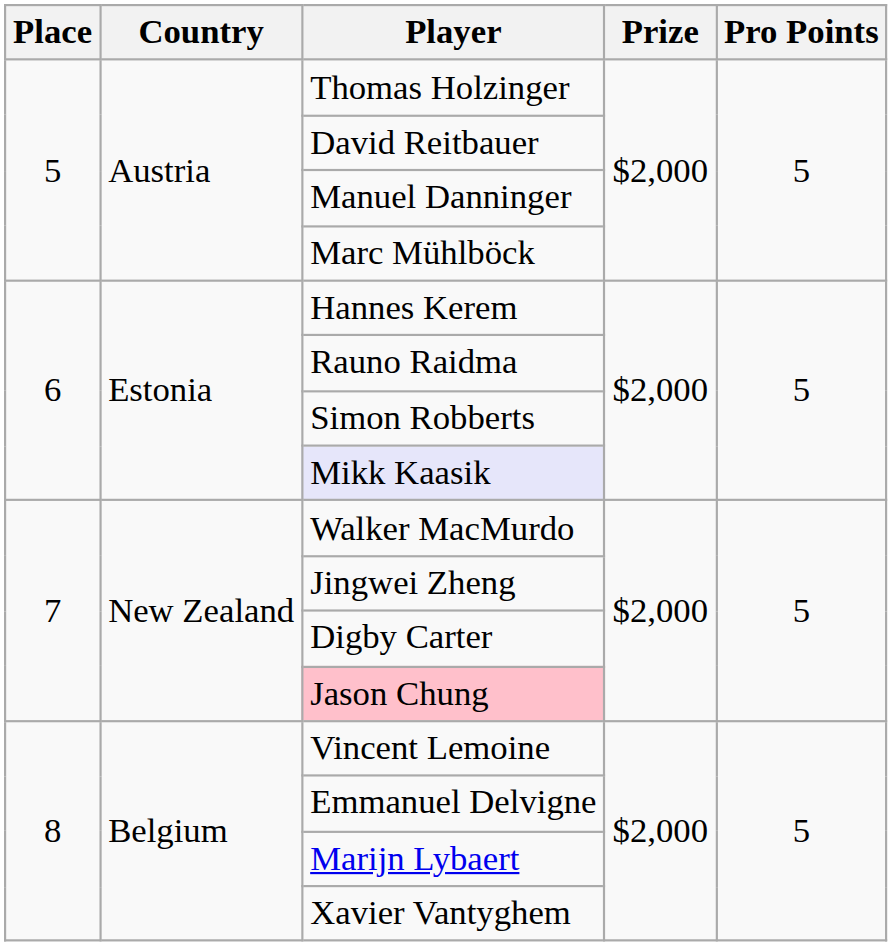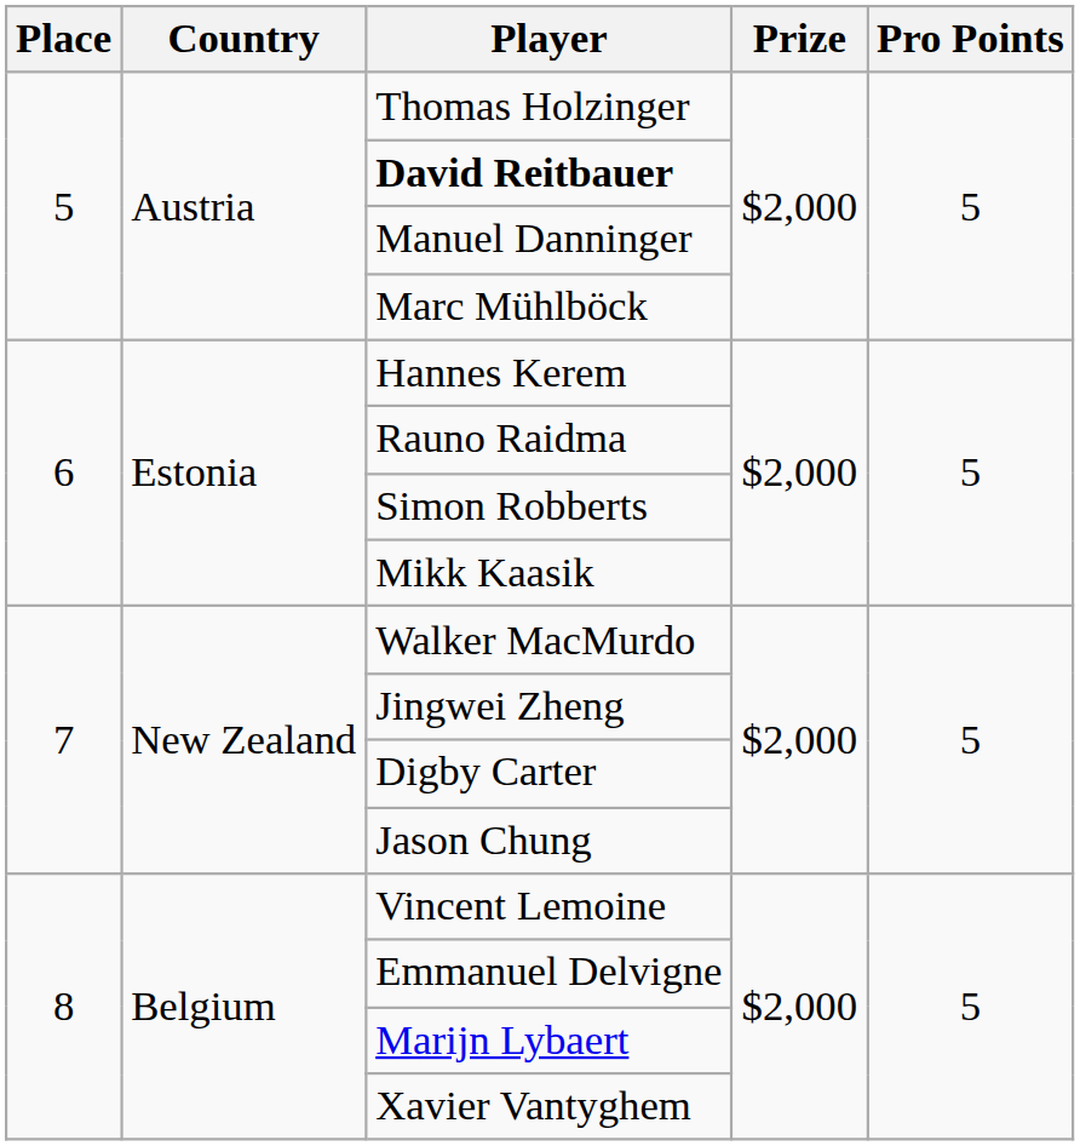 <table class="wikitable">
 <tr>
 <th>Place</th>
 <th>Country</th>
 <th>Player</th>
 <th>Prize</th>
 <th>Pro Points</th>
 </tr>
 <tr>
 <td rowspan="4" align=center>5</td>
 <td rowspan="4"> Austria</td>
 <td>Thomas Holzinger</td>
 <td rowspan="4" align=center>$2,000</td>
 <td rowspan="4" align=center>5</td>
 </tr>
 <tr>
-<td>David Reitbauer</td>
+<td><strong>David Reitbauer</strong></td>
 </tr>
 <tr>
 <td>Manuel Danninger</td>
 </tr>
 <tr>
 <td>Marc Mühlböck</td>
 </tr>
 <tr>
 <td rowspan="4" align=center>6</td>
 <td rowspan="4"> Estonia</td>
 <td>Hannes Kerem</td>
 <td rowspan="4" align=center>$2,000</td>
 <td rowspan="4" align=center>5</td>
 </tr>
 <tr>
 <td>Rauno Raidma</td>
 </tr>
 <tr>
 <td>Simon Robberts</td>
 </tr>
 <tr>
-<td style="background: lavender;">Mikk Kaasik</td>
+<td>Mikk Kaasik</td>
 </tr>
 <tr>
 <td rowspan="4" align=center>7</td>
 <td rowspan="4"> New Zealand</td>
 <td>Walker MacMurdo</td>
 <td rowspan="4" align=center>$2,000</td>
 <td rowspan="4" align=center>5</td>
 </tr>
 <tr>
 <td>Jingwei Zheng</td>
 </tr>
 <tr>
 <td>Digby Carter</td>
 </tr>
 <tr>
-<td style="background: pink;">Jason Chung</td>
+<td>Jason Chung</td>
 </tr>
 <tr>
 <td rowspan="4" align=center>8</td>
 <td rowspan="4"> Belgium</td>
 <td>Vincent Lemoine</td>
 <td rowspan="4" align=center>$2,000</td>
 <td rowspan="4" align=center>5</td>
 </tr>
 <tr>
 <td>Emmanuel Delvigne</td>
 </tr>
 <tr>
 <td><a href='#'>Marijn Lybaert</a></td>
 </tr>
 <tr>
 <td>Xavier Vantyghem</td>
 </tr>
 </table>
